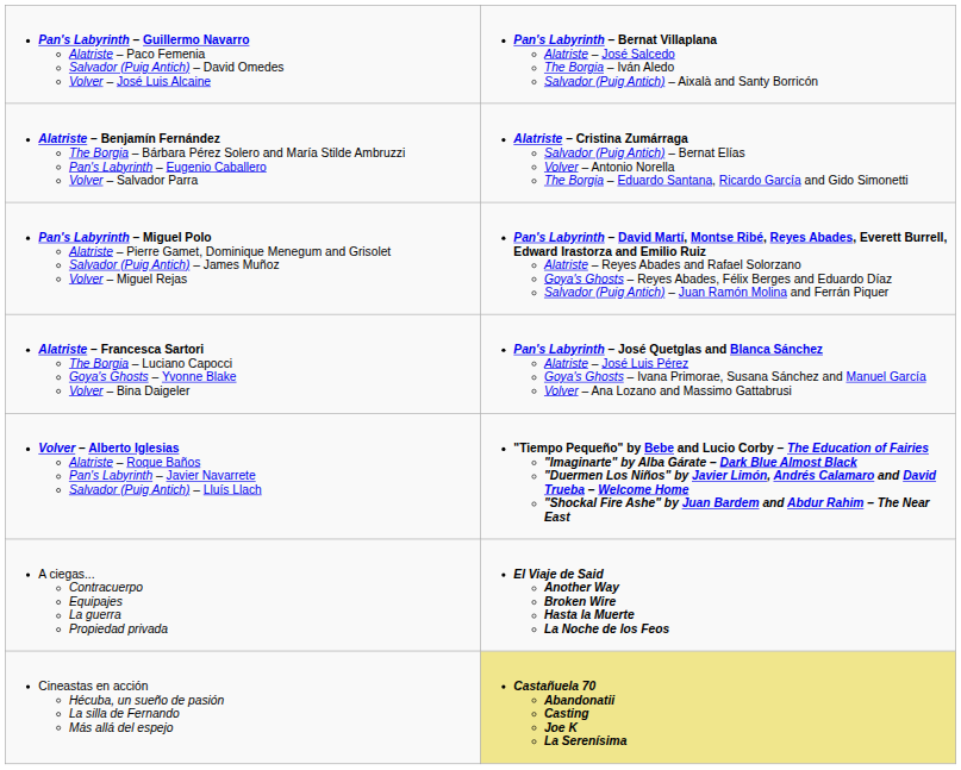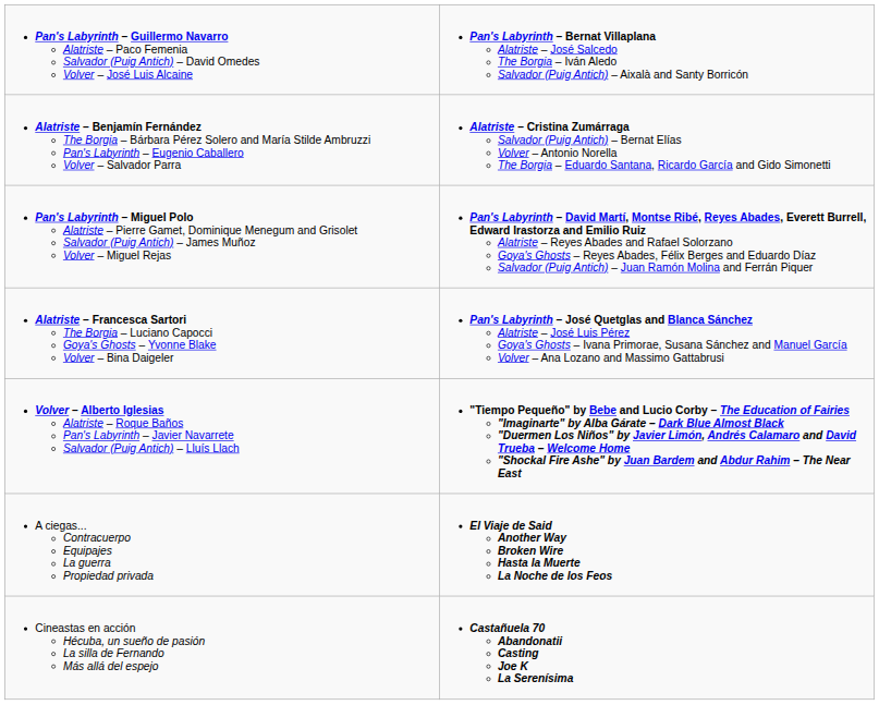 <table class=wikitable style="width=100%">
 <tr>
 <td style="vertical-align:top;" width="50%"><br><ul><li><strong> <em><a href='#'>Pan's Labyrinth</a></em> – <a href='#'>Guillermo Navarro</a></strong><ul><li><em><a href='#'>Alatriste</a></em> – Paco Femenia</li><li><em><a href='#'>Salvador (Puig Antich)</a></em> – David Omedes</li><li><em><a href='#'>Volver</a></em> – <a href='#'>José Luis Alcaine</a></li></ul></li></ul></td>
 <td style="vertical-align:top;" width="50%"><br><ul><li><strong> <em><a href='#'>Pan's Labyrinth</a></em> – Bernat Villaplana</strong><ul><li><em><a href='#'>Alatriste</a></em> – <a href='#'>José Salcedo</a></li><li><em><a href='#'>The Borgia</a></em> – Iván Aledo</li><li><em><a href='#'>Salvador (Puig Antich)</a></em> – Aixalà and Santy Borricón</li></ul></li></ul></td>
 </tr>
 <tr>
 <td style="vertical-align:top;" width="50%"><br><ul><li><strong> <em><a href='#'>Alatriste</a></em> – Benjamín Fernández</strong><ul><li><em><a href='#'>The Borgia</a></em> – Bárbara Pérez Solero and María Stilde Ambruzzi</li><li><em><a href='#'>Pan's Labyrinth</a></em> – <a href='#'>Eugenio Caballero</a></li><li><em><a href='#'>Volver</a></em> – Salvador Parra</li></ul></li></ul></td>
 <td style="vertical-align:top;" width="50%"><br><ul><li><strong> <em><a href='#'>Alatriste</a></em> – Cristina Zumárraga</strong><ul><li><em><a href='#'>Salvador (Puig Antich)</a></em> – Bernat Elías</li><li><em><a href='#'>Volver</a></em> – Antonio Norella</li><li><em><a href='#'>The Borgia</a></em> – <a href='#'>Eduardo Santana</a>, <a href='#'>Ricardo García</a> and Gido Simonetti</li></ul></li></ul></td>
 </tr>
 <tr>
 <td style="vertical-align:top;" width="50%"><br><ul><li><strong> <em><a href='#'>Pan's Labyrinth</a></em> – Miguel Polo</strong><ul><li><em><a href='#'>Alatriste</a></em> – Pierre Gamet, Dominique Menegum and Grisolet</li><li><em><a href='#'>Salvador (Puig Antich)</a></em> – James Muñoz</li><li><em><a href='#'>Volver</a></em> – Miguel Rejas</li></ul></li></ul></td>
 <td style="vertical-align:top;" width="50%"><br><ul><li><strong> <em><a href='#'>Pan's Labyrinth</a></em> – <a href='#'>David Martí</a>, <a href='#'>Montse Ribé</a>, <a href='#'>Reyes Abades</a>, Everett Burrell, Edward Irastorza and Emilio Ruiz</strong><ul><li><em><a href='#'>Alatriste</a></em> – Reyes Abades and Rafael Solorzano</li><li><em><a href='#'>Goya's Ghosts</a></em> – Reyes Abades, Félix Berges and Eduardo Díaz</li><li><em><a href='#'>Salvador (Puig Antich)</a></em> – <a href='#'>Juan Ramón Molina</a> and Ferrán Piquer</li></ul></li></ul></td>
 </tr>
 <tr>
 <td style="vertical-align:top;" width="50%"><br><ul><li><strong> <em><a href='#'>Alatriste</a></em> – Francesca Sartori</strong><ul><li><em><a href='#'>The Borgia</a></em> – Luciano Capocci</li><li><em><a href='#'>Goya's Ghosts</a></em> – <a href='#'>Yvonne Blake</a></li><li><em><a href='#'>Volver</a></em> – Bina Daigeler</li></ul></li></ul></td>
 <td style="vertical-align:top;" width="50%"><br><ul><li><strong> <em><a href='#'>Pan's Labyrinth</a></em> – José Quetglas and <a href='#'>Blanca Sánchez</a></strong><ul><li><em><a href='#'>Alatriste</a></em> – <a href='#'>José Luis Pérez</a></li><li><em><a href='#'>Goya's Ghosts</a></em> – Ivana Primorae, Susana Sánchez and <a href='#'>Manuel García</a></li><li><em><a href='#'>Volver</a></em> – Ana Lozano and Massimo Gattabrusi</li></ul></li></ul></td>
 </tr>
 <tr>
 <td style="vertical-align:top;" width="50%"><br><ul><li><strong> <em><a href='#'>Volver</a></em> – <a href='#'>Alberto Iglesias</a></strong><ul><li><em><a href='#'>Alatriste</a></em> – <a href='#'>Roque Baños</a></li><li><em><a href='#'>Pan's Labyrinth</a></em> – <a href='#'>Javier Navarrete</a></li><li><em><a href='#'>Salvador (Puig Antich)</a></em> – <a href='#'>Lluís Llach</a></li></ul></li></ul></td>
 <td style="vertical-align:top;" width="50%"><br><ul><li><strong> "Tiempo Pequeño" by <a href='#'>Bebe</a> and Lucio Corby – <em><a href='#'>The Education of Fairies</a><strong><em><ul><li>"Imaginarte" by Alba Gárate – </em><a href='#'>Dark Blue Almost Black</a><em></li><li>"Duermen Los Niños" by <a href='#'>Javier Limón</a>, <a href='#'>Andrés Calamaro</a> and <a href='#'>David Trueba</a> – </em><a href='#'>Welcome Home</a><em></li><li>"Shockal Fire Ashe" by <a href='#'>Juan Bardem</a> and <a href='#'>Abdur Rahim</a> – </em>The Near East<em></li></ul></li></ul></td>
 </tr>
 <tr>
 <td style="vertical-align:top;" width="50%"><br><ul><li></strong> </em>A ciegas...</em></strong><ul><li><em>Contracuerpo</em></li><li><em>Equipajes</em></li><li><em>La guerra</em></li><li><em>Propiedad privada</em></li></ul></li></ul></td>
 <td style="vertical-align:top;" width="50%"><br><ul><li><strong> <em>El Viaje de Said<strong><em><ul><li></em>Another Way<em></li><li></em>Broken Wire<em></li><li></em>Hasta la Muerte<em></li><li></em>La Noche de los Feos<em></li></ul></li></ul></td>
 </tr>
 <tr>
 <td style="vertical-align:top;" width="50%"><br><ul><li></strong> </em>Cineastas en acción</em></strong><ul><li><em>Hécuba, un sueño de pasión</em></li><li><em>La silla de Fernando</em></li><li><em>Más allá del espejo</em></li></ul></li></ul></td>
-<td style="background: khaki; vertical-align:top;" width="50%"><br><ul><li><strong> <em>Castañuela 70<strong><em><ul><li></em>Abandonatii<em></li><li></em>Casting<em></li><li></em>Joe K<em></li><li></em>La Serenísima<em></li></ul></li></ul></td>
+<td style="vertical-align:top;" width="50%"><br><ul><li><strong> <em>Castañuela 70<strong><em><ul><li></em>Abandonatii<em></li><li></em>Casting<em></li><li></em>Joe K<em></li><li></em>La Serenísima<em></li></ul></li></ul></td>
 </tr>
 </table>
